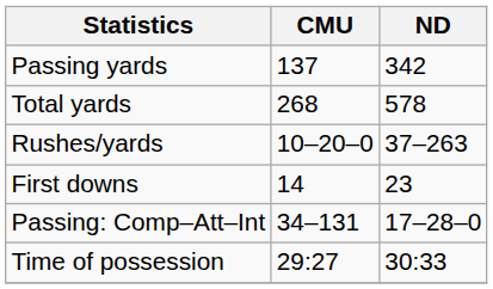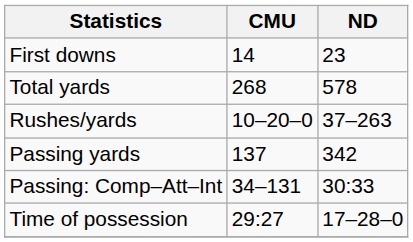 <table class="wikitable" style="float: left;">
 <tr>
 <th>Statistics</th>
 <th>CMU</th>
 <th>ND</th>
 </tr>
 <tr>
-<td>Passing yards</td>
-<td>137</td>
-<td>342</td>
+<td>First downs</td>
+<td>14</td>
+<td>23</td>
 </tr>
 <tr>
 <td>Total yards</td>
 <td>268</td>
 <td>578</td>
 </tr>
 <tr>
 <td>Rushes/yards</td>
 <td>10–20–0</td>
 <td>37–263</td>
 </tr>
 <tr>
-<td>First downs</td>
-<td>14</td>
-<td>23</td>
+<td>Passing yards</td>
+<td>137</td>
+<td>342</td>
 </tr>
 <tr>
 <td>Passing: Comp–Att–Int</td>
 <td>34–131</td>
-<td>17–28–0</td>
+<td>30:33</td>
 </tr>
 <tr>
 <td>Time of possession</td>
 <td>29:27</td>
-<td>30:33</td>
+<td>17–28–0</td>
 </tr>
 <tr>
 </tr>
 </table>
